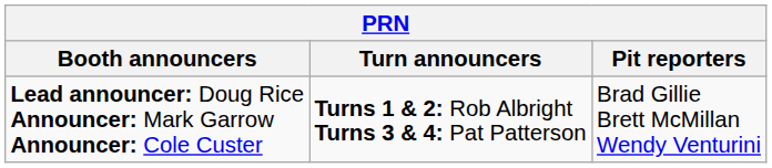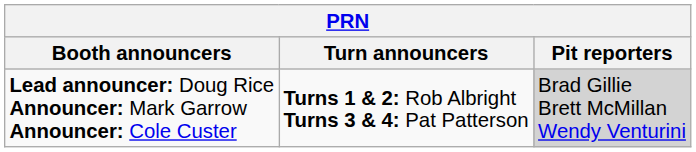 <table class="wikitable" style="font-size: 95%">
 <tr>
 <th colspan="3"><a href='#'>PRN</a></th>
 </tr>
 <tr>
 <th>Booth announcers</th>
 <th>Turn announcers</th>
 <th>Pit reporters</th>
 </tr>
 <tr>
 <td><strong>Lead announcer:</strong> Doug Rice<br><strong>Announcer:</strong> Mark Garrow<br><strong>Announcer:</strong> <a href='#'>Cole Custer</a></td>
 <td><strong>Turns 1 & 2:</strong> Rob Albright<br><strong>Turns 3 & 4:</strong> Pat Patterson</td>
-<td>Brad Gillie<br>Brett McMillan<br><a href='#'>Wendy Venturini</a></td>
+<td style="background: lightgrey;">Brad Gillie<br>Brett McMillan<br><a href='#'>Wendy Venturini</a></td>
 </tr>
 </table>
